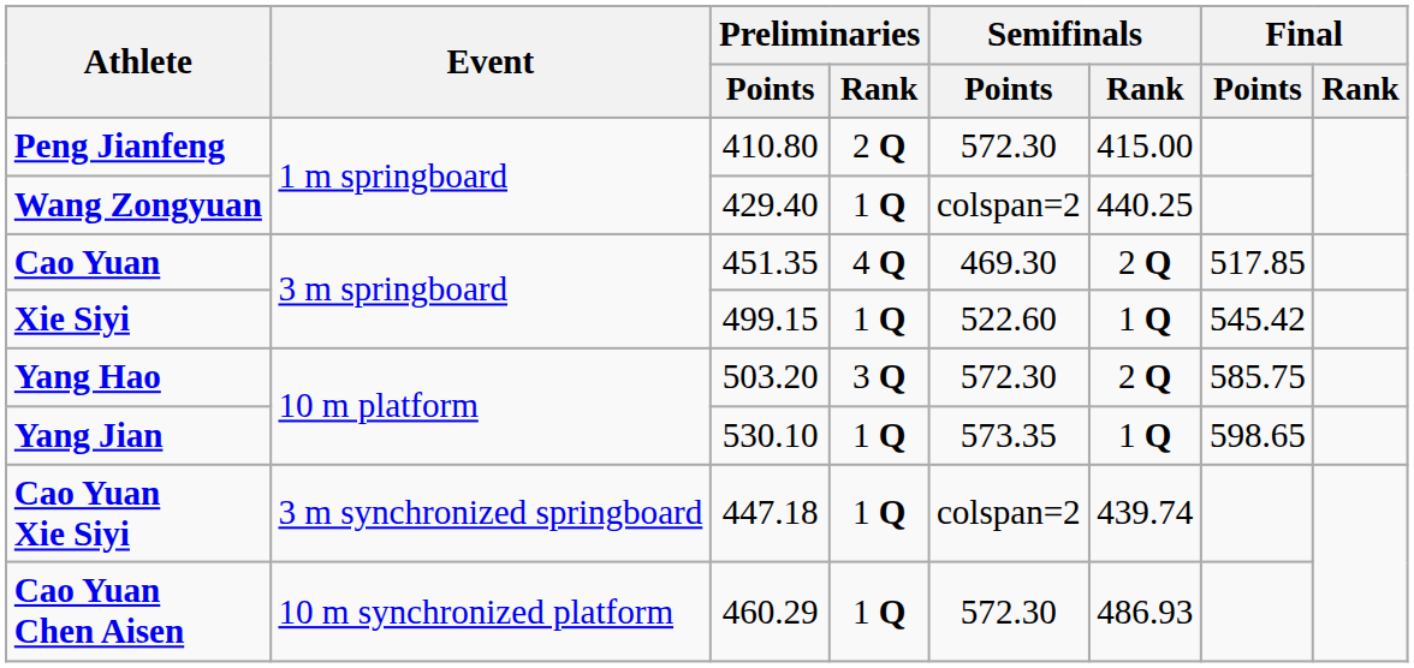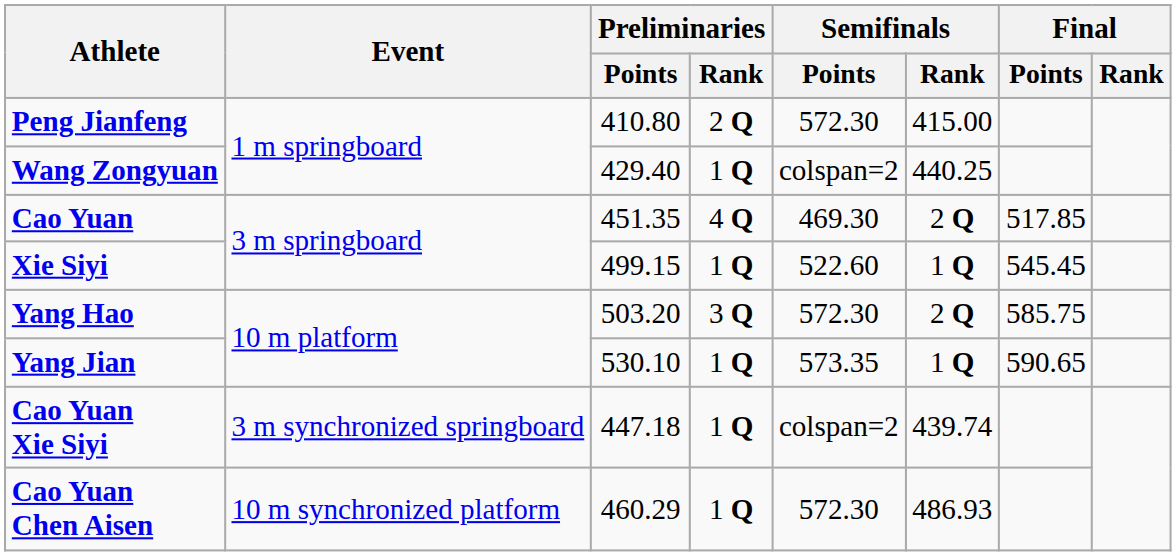 <table class=wikitable style="font-size:90%">
 <tr>
 <th rowspan="2">Athlete</th>
 <th rowspan="2">Event</th>
 <th colspan="2">Preliminaries</th>
 <th colspan="2">Semifinals</th>
 <th colspan="2">Final</th>
 </tr>
 <tr style="font-size:95%">
 <th>Points</th>
 <th>Rank</th>
 <th>Points</th>
 <th>Rank</th>
 <th>Points</th>
 <th>Rank</th>
 </tr>
 <tr align=center>
 <td align=left><strong><a href='#'>Peng Jianfeng</a></strong></td>
 <td align=left rowspan=2><a href='#'>1 m springboard</a></td>
 <td>410.80</td>
 <td>2 <strong>Q</strong></td>
 <td>572.30</td>
 <td>415.00</td>
 <td></td>
 </tr>
 <tr align=center>
 <td align=left><strong><a href='#'>Wang Zongyuan</a></strong></td>
 <td>429.40</td>
 <td>1 <strong>Q</strong></td>
 <td>colspan=2 </td>
 <td>440.25</td>
 <td></td>
 </tr>
 <tr align=center>
 <td align=left><strong><a href='#'>Cao Yuan</a></strong></td>
 <td rowspan="2" align="left"><a href='#'>3 m springboard</a></td>
 <td>451.35</td>
 <td>4 <strong>Q</strong></td>
 <td>469.30</td>
 <td>2 <strong>Q</strong></td>
 <td>517.85</td>
 <td></td>
 </tr>
 <tr align="center">
 <td align="left"><strong><a href='#'>Xie Siyi</a></strong></td>
 <td>499.15</td>
 <td>1 <strong>Q</strong></td>
 <td>522.60</td>
 <td>1 <strong>Q</strong></td>
-<td>545.42</td>
+<td>545.45</td>
 <td></td>
 </tr>
 <tr align="center">
 <td align="left"><strong><a href='#'>Yang Hao</a></strong></td>
 <td rowspan="2" align="left"><a href='#'>10 m platform</a></td>
 <td>503.20</td>
 <td>3 <strong>Q</strong></td>
 <td>572.30</td>
 <td>2 <strong>Q</strong></td>
 <td>585.75</td>
 <td></td>
 </tr>
 <tr align="center">
 <td align="left"><strong><a href='#'>Yang Jian</a></strong></td>
 <td>530.10</td>
 <td>1 <strong>Q</strong></td>
 <td>573.35</td>
 <td>1 <strong>Q</strong></td>
-<td>598.65</td>
+<td>590.65</td>
 <td></td>
 </tr>
 <tr align="center">
 <td align="left"><strong><a href='#'>Cao Yuan</a><br><a href='#'>Xie Siyi</a></strong></td>
 <td align="left"><a href='#'>3 m synchronized springboard</a></td>
 <td>447.18</td>
 <td>1 <strong>Q</strong></td>
 <td>colspan=2 </td>
 <td>439.74</td>
 <td></td>
 </tr>
 <tr align="center">
 <td align="left"><strong><a href='#'>Cao Yuan</a><br><a href='#'>Chen Aisen</a></strong></td>
 <td align="left"><a href='#'>10 m synchronized platform</a></td>
 <td>460.29</td>
 <td>1 <strong>Q</strong></td>
 <td>572.30</td>
 <td>486.93</td>
 <td></td>
 </tr>
 </table>
